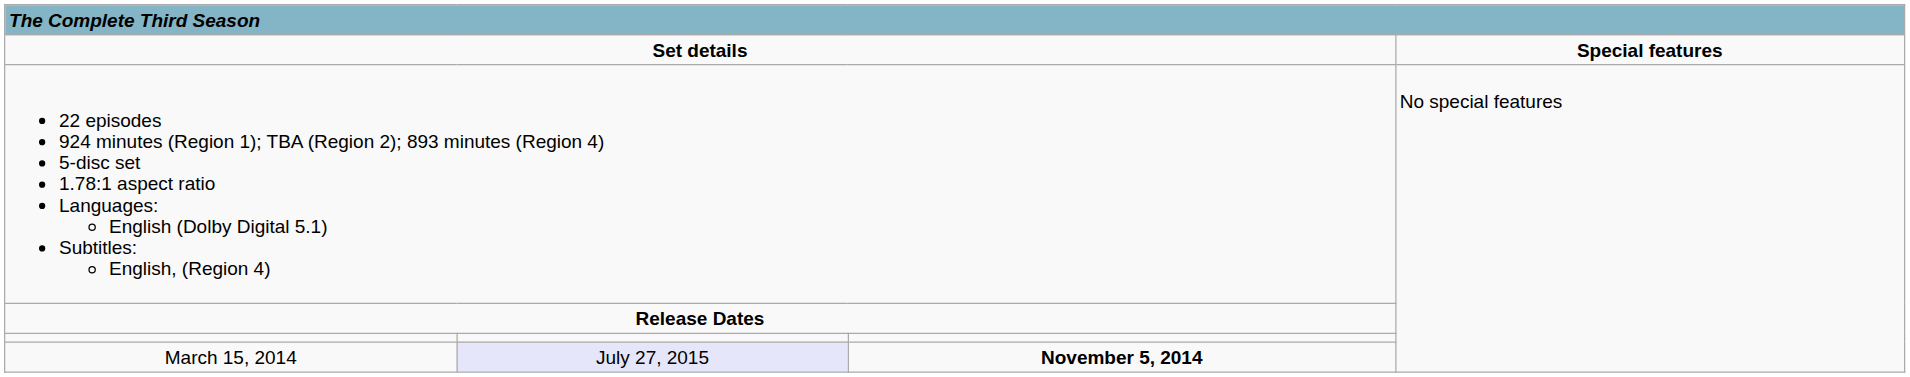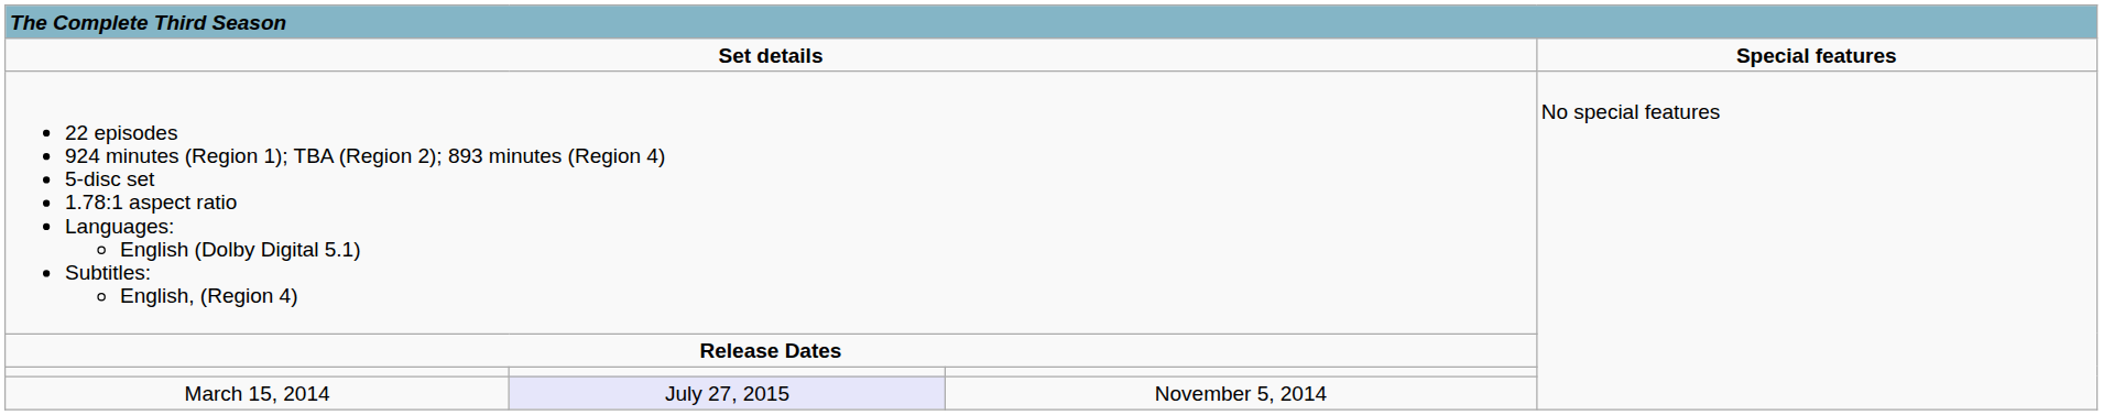 <table class="wikitable" width="96%" style="font-size: 95%;">
 <tr style="background:#84B5C6">
 <td colspan="6"><strong><em>The Complete Third Season</em></strong></td>
 </tr>
 <tr>
 <td align="center" width="300" colspan="3"><strong>Set details</strong></td>
 <td width="400" align="center"><strong>Special features</strong></td>
 </tr>
 <tr valign="top">
 <td colspan="3" align="left" width="300"><br><ul><li>22 episodes</li><li>924 minutes (Region 1); TBA (Region 2); 893 minutes (Region 4)</li><li>5-disc set</li><li>1.78:1 aspect ratio</li><li>Languages:<ul><li>English (Dolby Digital 5.1)</li></ul></li><li>Subtitles:<ul><li>English, (Region 4)</li></ul></li></ul></td>
 <td rowspan="4" align="left" width="400"><br>No special features</td>
 </tr>
 <tr>
 <td colspan="3" align="center"><strong>Release Dates</strong></td>
 </tr>
 <tr>
 <td align="center"></td>
 <td align="center"></td>
 <td align="center"></td>
 </tr>
 <tr>
 <td align="center">March 15, 2014</td>
 <td align="center" style="background: lavender;">July 27, 2015</td>
-<td align="center"><strong>November 5, 2014</strong></td>
+<td align="center">November 5, 2014</td>
 </tr>
 </table>
